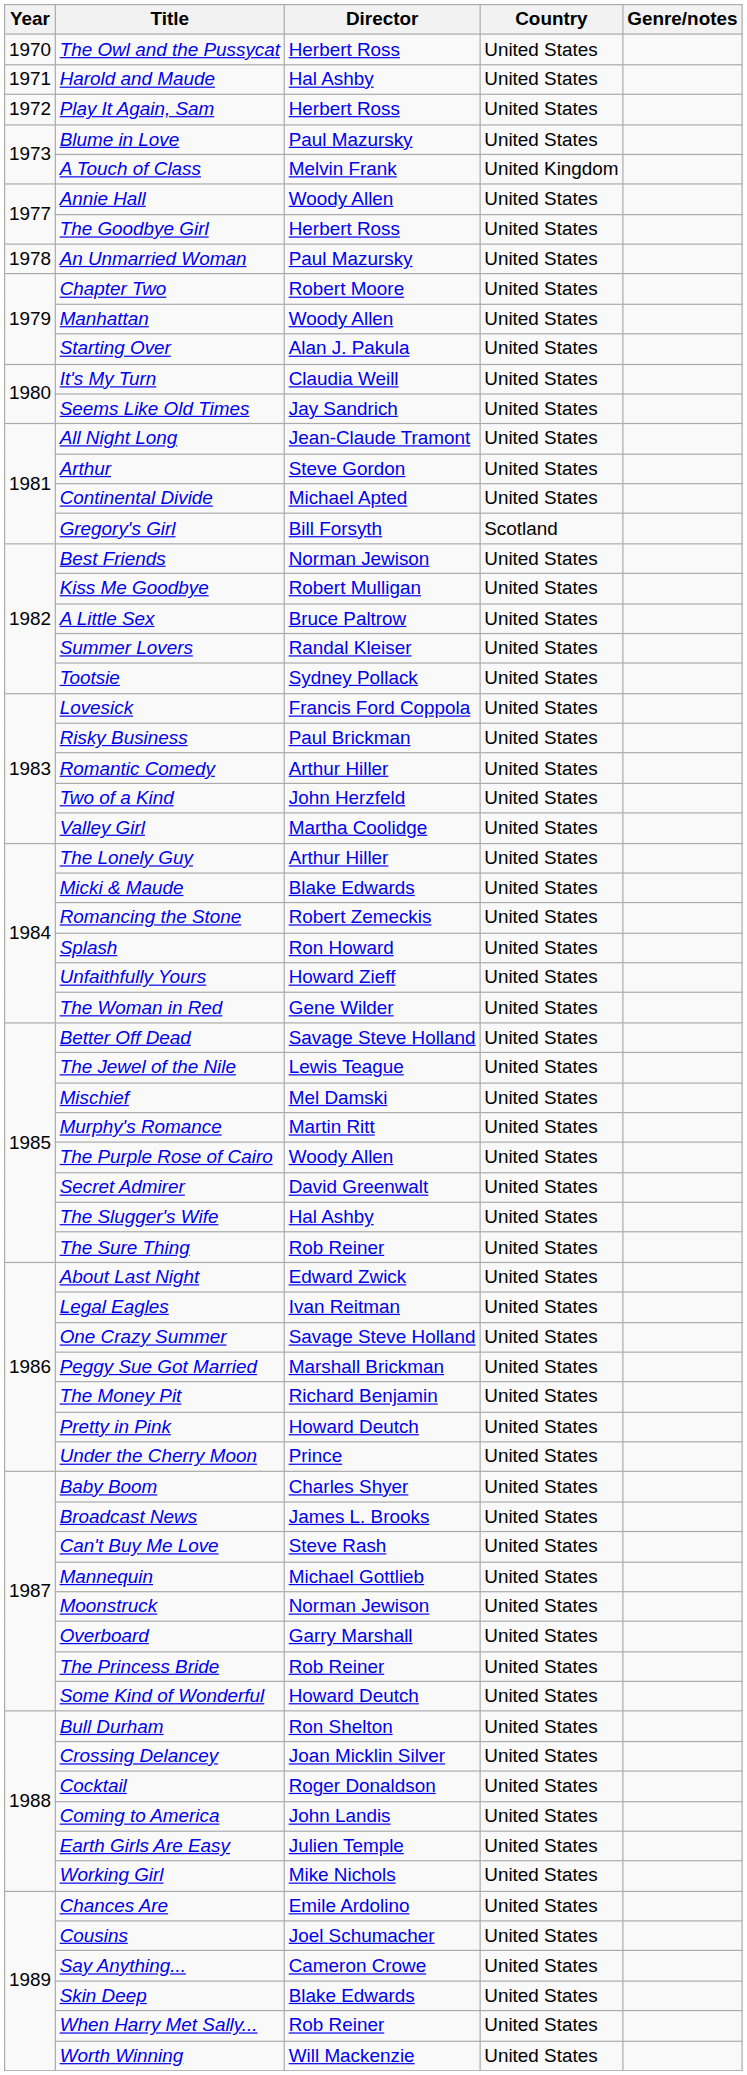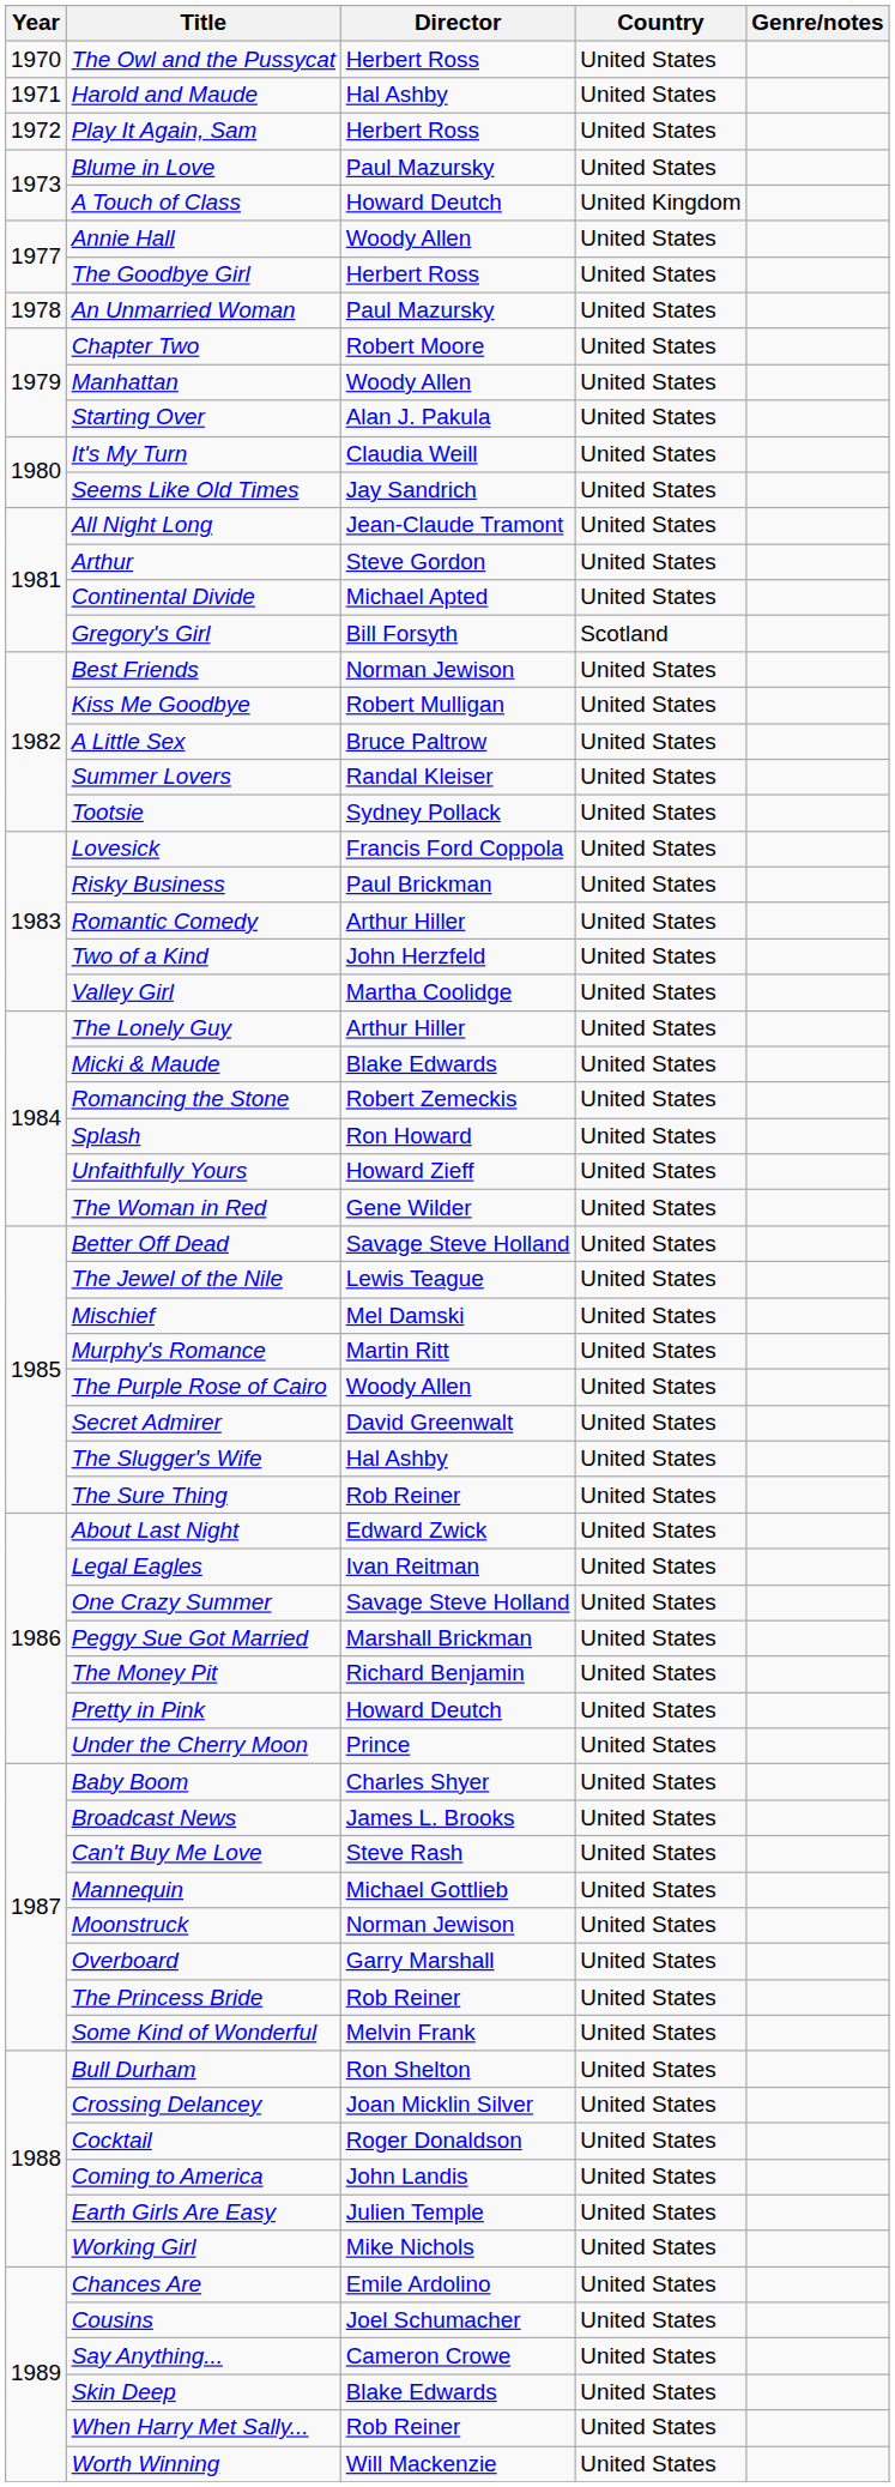 <table class="wikitable sortable sticky-header">
 <tr>
 <th>Year</th>
 <th>Title</th>
 <th>Director</th>
 <th>Country</th>
 <th>Genre/notes</th>
 </tr>
 <tr>
 <td>1970</td>
 <td><em><a href='#'>The Owl and the Pussycat</a></em></td>
 <td><a href='#'>Herbert Ross</a></td>
 <td>United States</td>
 <td></td>
 </tr>
 <tr>
 <td>1971</td>
 <td><em><a href='#'>Harold and Maude</a></em></td>
 <td><a href='#'>Hal Ashby</a></td>
 <td>United States</td>
 <td></td>
 </tr>
 <tr>
 <td>1972</td>
 <td><em><a href='#'>Play It Again, Sam</a></em></td>
 <td><a href='#'>Herbert Ross</a></td>
 <td>United States</td>
 <td></td>
 </tr>
 <tr>
 <td rowspan=2>1973</td>
 <td><em><a href='#'>Blume in Love</a></em></td>
 <td><a href='#'>Paul Mazursky</a></td>
 <td>United States</td>
 <td></td>
 </tr>
 <tr>
 <td><em><a href='#'>A Touch of Class</a></em></td>
-<td><a href='#'>Melvin Frank</a></td>
+<td><a href='#'>Howard Deutch</a></td>
 <td>United Kingdom</td>
 <td></td>
 </tr>
 <tr>
 <td rowspan=2>1977</td>
 <td><em><a href='#'>Annie Hall</a></em></td>
 <td><a href='#'>Woody Allen</a></td>
 <td>United States</td>
 <td></td>
 </tr>
 <tr>
 <td><em><a href='#'>The Goodbye Girl</a></em></td>
 <td><a href='#'>Herbert Ross</a></td>
 <td>United States</td>
 <td></td>
 </tr>
 <tr>
 <td>1978</td>
 <td><em><a href='#'>An Unmarried Woman</a></em></td>
 <td><a href='#'>Paul Mazursky</a></td>
 <td>United States</td>
 <td></td>
 </tr>
 <tr>
 <td rowspan=3>1979</td>
 <td><em><a href='#'>Chapter Two</a></em></td>
 <td><a href='#'>Robert Moore</a></td>
 <td>United States</td>
 <td></td>
 </tr>
 <tr>
 <td><em><a href='#'>Manhattan</a></em></td>
 <td><a href='#'>Woody Allen</a></td>
 <td>United States</td>
 <td></td>
 </tr>
 <tr>
 <td><em><a href='#'>Starting Over</a></em></td>
 <td><a href='#'>Alan J. Pakula</a></td>
 <td>United States</td>
 <td></td>
 </tr>
 <tr>
 <td rowspan=2>1980</td>
 <td><em><a href='#'>It's My Turn</a></em></td>
 <td><a href='#'>Claudia Weill</a></td>
 <td>United States</td>
 <td></td>
 </tr>
 <tr>
 <td><em><a href='#'>Seems Like Old Times</a></em></td>
 <td><a href='#'>Jay Sandrich</a></td>
 <td>United States</td>
 <td></td>
 </tr>
 <tr>
 <td rowspan=4>1981</td>
 <td><em><a href='#'>All Night Long</a></em></td>
 <td><a href='#'>Jean-Claude Tramont</a></td>
 <td>United States</td>
 <td></td>
 </tr>
 <tr>
 <td><em><a href='#'>Arthur</a></em></td>
 <td><a href='#'>Steve Gordon</a></td>
 <td>United States</td>
 <td></td>
 </tr>
 <tr>
 <td><em><a href='#'>Continental Divide</a></em></td>
 <td><a href='#'>Michael Apted</a></td>
 <td>United States</td>
 <td></td>
 </tr>
 <tr>
 <td><em><a href='#'>Gregory's Girl</a></em></td>
 <td><a href='#'>Bill Forsyth</a></td>
 <td>Scotland</td>
 <td></td>
 </tr>
 <tr>
 <td rowspan=5>1982</td>
 <td><em><a href='#'>Best Friends</a></em></td>
 <td><a href='#'>Norman Jewison</a></td>
 <td>United States</td>
 <td></td>
 </tr>
 <tr>
 <td><em><a href='#'>Kiss Me Goodbye</a></em></td>
 <td><a href='#'>Robert Mulligan</a></td>
 <td>United States</td>
 <td></td>
 </tr>
 <tr>
 <td><em><a href='#'>A Little Sex</a></em></td>
 <td><a href='#'>Bruce Paltrow</a></td>
 <td>United States</td>
 <td></td>
 </tr>
 <tr>
 <td><em><a href='#'>Summer Lovers</a></em></td>
 <td><a href='#'>Randal Kleiser</a></td>
 <td>United States</td>
 <td></td>
 </tr>
 <tr>
 <td><em><a href='#'>Tootsie</a></em></td>
 <td><a href='#'>Sydney Pollack</a></td>
 <td>United States</td>
 <td></td>
 </tr>
 <tr>
 <td rowspan=5>1983</td>
 <td><em><a href='#'>Lovesick</a></em></td>
 <td><a href='#'>Francis Ford Coppola</a></td>
 <td>United States</td>
 <td></td>
 </tr>
 <tr>
 <td><em><a href='#'>Risky Business</a></em></td>
 <td><a href='#'>Paul Brickman</a></td>
 <td>United States</td>
 <td></td>
 </tr>
 <tr>
 <td><em><a href='#'>Romantic Comedy</a></em></td>
 <td><a href='#'>Arthur Hiller</a></td>
 <td>United States</td>
 <td></td>
 </tr>
 <tr>
 <td><em><a href='#'>Two of a Kind</a></em></td>
 <td><a href='#'>John Herzfeld</a></td>
 <td>United States</td>
 <td></td>
 </tr>
 <tr>
 <td><em><a href='#'>Valley Girl</a></em></td>
 <td><a href='#'>Martha Coolidge</a></td>
 <td>United States</td>
 <td></td>
 </tr>
 <tr>
 <td rowspan=6>1984</td>
 <td><em><a href='#'>The Lonely Guy</a></em></td>
 <td><a href='#'>Arthur Hiller</a></td>
 <td>United States</td>
 <td></td>
 </tr>
 <tr>
 <td><em><a href='#'>Micki & Maude</a></em></td>
 <td><a href='#'>Blake Edwards</a></td>
 <td>United States</td>
 <td></td>
 </tr>
 <tr>
 <td><em><a href='#'>Romancing the Stone</a></em></td>
 <td><a href='#'>Robert Zemeckis</a></td>
 <td>United States</td>
 <td></td>
 </tr>
 <tr>
 <td><a href='#'><em>Splash</em></a></td>
 <td><a href='#'>Ron Howard</a></td>
 <td>United States</td>
 <td></td>
 </tr>
 <tr>
 <td><em><a href='#'>Unfaithfully Yours</a></em></td>
 <td><a href='#'>Howard Zieff</a></td>
 <td>United States</td>
 <td></td>
 </tr>
 <tr>
 <td><em><a href='#'>The Woman in Red</a></em></td>
 <td><a href='#'>Gene Wilder</a></td>
 <td>United States</td>
 <td></td>
 </tr>
 <tr>
 <td rowspan=8>1985</td>
 <td><em><a href='#'>Better Off Dead</a></em></td>
 <td><a href='#'>Savage Steve Holland</a></td>
 <td>United States</td>
 <td></td>
 </tr>
 <tr>
 <td><em><a href='#'>The Jewel of the Nile</a></em></td>
 <td><a href='#'>Lewis Teague</a></td>
 <td>United States</td>
 <td></td>
 </tr>
 <tr>
 <td><em><a href='#'>Mischief</a></em></td>
 <td><a href='#'>Mel Damski</a></td>
 <td>United States</td>
 <td></td>
 </tr>
 <tr>
 <td><em><a href='#'>Murphy's Romance</a></em></td>
 <td><a href='#'>Martin Ritt</a></td>
 <td>United States</td>
 <td></td>
 </tr>
 <tr>
 <td><em><a href='#'>The Purple Rose of Cairo</a></em></td>
 <td><a href='#'>Woody Allen</a></td>
 <td>United States</td>
 <td></td>
 </tr>
 <tr>
 <td><em><a href='#'>Secret Admirer</a></em></td>
 <td><a href='#'>David Greenwalt</a></td>
 <td>United States</td>
 <td></td>
 </tr>
 <tr>
 <td><em><a href='#'>The Slugger's Wife</a></em></td>
 <td><a href='#'>Hal Ashby</a></td>
 <td>United States</td>
 <td></td>
 </tr>
 <tr>
 <td><em><a href='#'>The Sure Thing</a></em></td>
 <td><a href='#'>Rob Reiner</a></td>
 <td>United States</td>
 <td></td>
 </tr>
 <tr>
 <td rowspan=7>1986</td>
 <td><em><a href='#'>About Last Night</a></em></td>
 <td><a href='#'>Edward Zwick</a></td>
 <td>United States</td>
 <td></td>
 </tr>
 <tr>
 <td><em><a href='#'>Legal Eagles</a></em></td>
 <td><a href='#'>Ivan Reitman</a></td>
 <td>United States</td>
 <td></td>
 </tr>
 <tr>
 <td><em><a href='#'>One Crazy Summer</a></em></td>
 <td><a href='#'>Savage Steve Holland</a></td>
 <td>United States</td>
 <td></td>
 </tr>
 <tr>
 <td><em><a href='#'>Peggy Sue Got Married</a></em></td>
 <td><a href='#'>Marshall Brickman</a></td>
 <td>United States</td>
 <td></td>
 </tr>
 <tr>
 <td><em><a href='#'>The Money Pit</a></em></td>
 <td><a href='#'>Richard Benjamin</a></td>
 <td>United States</td>
 <td></td>
 </tr>
 <tr>
 <td><em><a href='#'>Pretty in Pink</a></em></td>
 <td><a href='#'>Howard Deutch</a></td>
 <td>United States</td>
 <td></td>
 </tr>
 <tr>
 <td><em><a href='#'>Under the Cherry Moon</a></em></td>
 <td><a href='#'>Prince</a></td>
 <td>United States</td>
 <td></td>
 </tr>
 <tr>
 <td rowspan="8">1987</td>
 <td><em><a href='#'>Baby Boom</a></em></td>
 <td><a href='#'>Charles Shyer</a></td>
 <td>United States</td>
 <td></td>
 </tr>
 <tr>
 <td><em><a href='#'>Broadcast News</a></em></td>
 <td><a href='#'>James L. Brooks</a></td>
 <td>United States</td>
 <td></td>
 </tr>
 <tr>
 <td><em><a href='#'>Can't Buy Me Love</a></em></td>
 <td><a href='#'>Steve Rash</a></td>
 <td>United States</td>
 <td></td>
 </tr>
 <tr>
 <td><em><a href='#'>Mannequin</a></em></td>
 <td><a href='#'>Michael Gottlieb</a></td>
 <td>United States</td>
 <td></td>
 </tr>
 <tr>
 <td><em><a href='#'>Moonstruck</a></em></td>
 <td><a href='#'>Norman Jewison</a></td>
 <td>United States</td>
 <td></td>
 </tr>
 <tr>
 <td><em><a href='#'>Overboard</a></em></td>
 <td><a href='#'>Garry Marshall</a></td>
 <td>United States</td>
 <td></td>
 </tr>
 <tr>
 <td><em><a href='#'>The Princess Bride</a></em></td>
 <td><a href='#'>Rob Reiner</a></td>
 <td>United States</td>
 <td></td>
 </tr>
 <tr>
 <td><em><a href='#'>Some Kind of Wonderful</a></em></td>
-<td><a href='#'>Howard Deutch</a></td>
+<td><a href='#'>Melvin Frank</a></td>
 <td>United States</td>
 <td></td>
 </tr>
 <tr>
 <td rowspan=6>1988</td>
 <td><em><a href='#'>Bull Durham</a></em></td>
 <td><a href='#'>Ron Shelton</a></td>
 <td>United States</td>
 <td></td>
 </tr>
 <tr>
 <td><em><a href='#'>Crossing Delancey</a></em></td>
 <td><a href='#'>Joan Micklin Silver</a></td>
 <td>United States</td>
 <td></td>
 </tr>
 <tr>
 <td><em><a href='#'>Cocktail</a></em></td>
 <td><a href='#'>Roger Donaldson</a></td>
 <td>United States</td>
 <td></td>
 </tr>
 <tr>
 <td><em><a href='#'>Coming to America</a></em></td>
 <td><a href='#'>John Landis</a></td>
 <td>United States</td>
 <td></td>
 </tr>
 <tr>
 <td><em><a href='#'>Earth Girls Are Easy</a></em></td>
 <td><a href='#'>Julien Temple</a></td>
 <td>United States</td>
 <td></td>
 </tr>
 <tr>
 <td><em><a href='#'>Working Girl</a></em></td>
 <td><a href='#'>Mike Nichols</a></td>
 <td>United States</td>
 <td></td>
 </tr>
 <tr>
 <td rowspan=6>1989</td>
 <td><em><a href='#'>Chances Are</a></em></td>
 <td><a href='#'>Emile Ardolino</a></td>
 <td>United States</td>
 <td></td>
 </tr>
 <tr>
 <td><em><a href='#'>Cousins</a></em></td>
 <td><a href='#'>Joel Schumacher</a></td>
 <td>United States</td>
 <td></td>
 </tr>
 <tr>
 <td><em><a href='#'>Say Anything...</a></em></td>
 <td><a href='#'>Cameron Crowe</a></td>
 <td>United States</td>
 <td></td>
 </tr>
 <tr>
 <td><em><a href='#'>Skin Deep</a></em></td>
 <td><a href='#'>Blake Edwards</a></td>
 <td>United States</td>
 <td></td>
 </tr>
 <tr>
 <td><em><a href='#'>When Harry Met Sally...</a></em></td>
 <td><a href='#'>Rob Reiner</a></td>
 <td>United States</td>
 <td></td>
 </tr>
 <tr>
 <td><em><a href='#'>Worth Winning</a></em></td>
 <td><a href='#'>Will Mackenzie</a></td>
 <td>United States</td>
 <td></td>
 </tr>
 </table>
